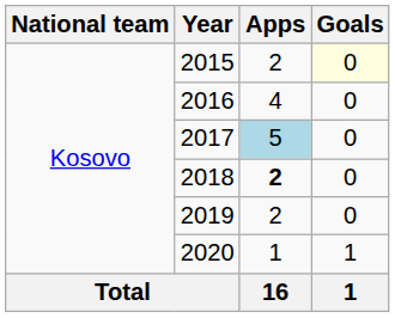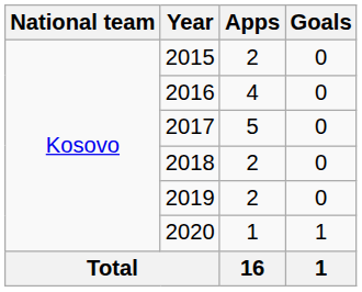 <table class="wikitable" style="text-align:center">
 <tr>
 <th>National team</th>
 <th>Year</th>
 <th>Apps</th>
 <th>Goals</th>
 </tr>
 <tr>
 <td rowspan="6"><a href='#'>Kosovo</a></td>
 <td>2015</td>
 <td>2</td>
-<td style="background: lightyellow;">0</td>
+<td>0</td>
 </tr>
 <tr>
 <td>2016</td>
 <td>4</td>
 <td>0</td>
 </tr>
 <tr>
 <td>2017</td>
-<td style="background: lightblue;">5</td>
+<td>5</td>
 <td>0</td>
 </tr>
 <tr>
 <td>2018</td>
-<td><strong>2</strong></td>
+<td>2</td>
 <td>0</td>
 </tr>
 <tr>
 <td>2019</td>
 <td>2</td>
 <td>0</td>
 </tr>
 <tr>
 <td>2020</td>
 <td>1</td>
 <td>1</td>
 </tr>
 <tr>
 <th colspan="2">Total</th>
 <th>16</th>
 <th>1</th>
 </tr>
 </table>
